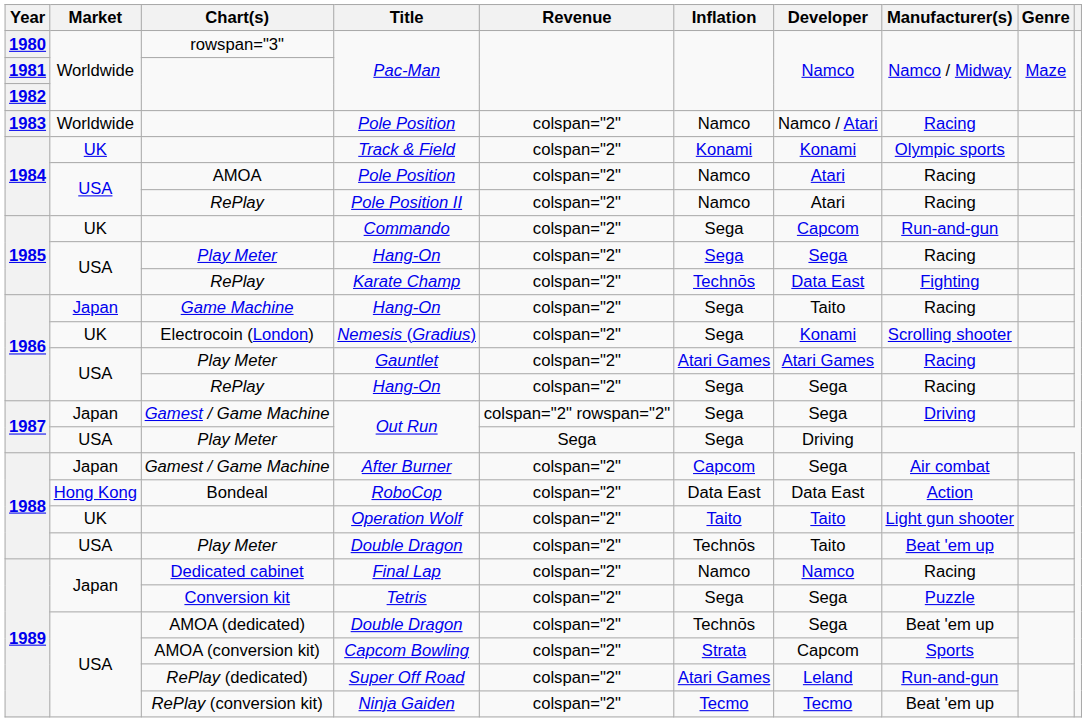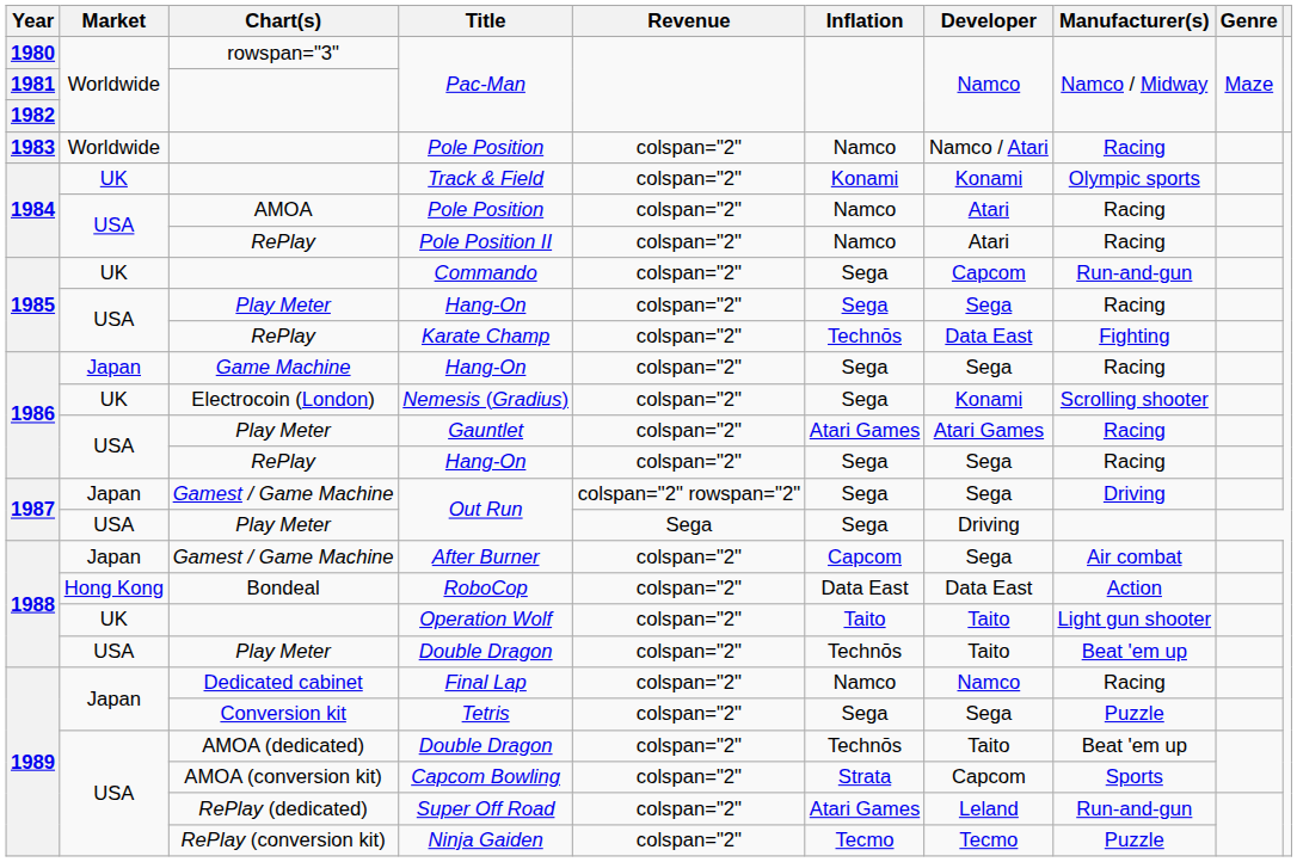 <table class="wikitable sortable" style="text-align:center; margin:auto; margin:auto">
 <tr>
 <th>Year</th>
 <th>Market</th>
 <th>Chart(s)</th>
 <th>Title</th>
 <th>Revenue</th>
 <th>Inflation</th>
 <th>Developer</th>
 <th>Manufacturer(s)</th>
 <th>Genre</th>
 <th class="unsortable"></th>
 </tr>
 <tr>
 <th><a href='#'>1980</a></th>
 <td rowspan="3">Worldwide</td>
 <td>rowspan="3" </td>
 <td rowspan="3"><em><a href='#'>Pac-Man</a></em></td>
 <td rowspan="3"></td>
 <td rowspan="3"></td>
 <td rowspan="3"><a href='#'>Namco</a></td>
 <td rowspan="3"><a href='#'>Namco</a> / <a href='#'>Midway</a></td>
 <td rowspan="3"><a href='#'>Maze</a></td>
 <td rowspan="3"></td>
 </tr>
 <tr>
 <th><a href='#'>1981</a></th>
 </tr>
 <tr>
 <th><a href='#'>1982</a></th>
 </tr>
 <tr>
 <th><a href='#'>1983</a></th>
 <td>Worldwide</td>
 <td></td>
 <td><em><a href='#'>Pole Position</a></em></td>
 <td>colspan="2" </td>
 <td>Namco</td>
 <td>Namco / <a href='#'>Atari</a></td>
 <td><a href='#'>Racing</a></td>
 <td></td>
 </tr>
 <tr>
 <th rowspan="3"><a href='#'>1984</a></th>
 <td><a href='#'>UK</a></td>
 <td></td>
 <td><em><a href='#'>Track & Field</a></em></td>
 <td>colspan="2" </td>
 <td><a href='#'>Konami</a></td>
 <td><a href='#'>Konami</a></td>
 <td><a href='#'>Olympic sports</a></td>
 <td></td>
 </tr>
 <tr>
 <td rowspan="2"><a href='#'>USA</a></td>
 <td>AMOA</td>
 <td><em><a href='#'>Pole Position</a></em></td>
 <td>colspan="2" </td>
 <td>Namco</td>
 <td><a href='#'>Atari</a></td>
 <td>Racing</td>
 <td></td>
 </tr>
 <tr>
 <td><em>RePlay</em></td>
 <td><em><a href='#'>Pole Position II</a></em></td>
 <td>colspan="2" </td>
 <td>Namco</td>
 <td>Atari</td>
 <td>Racing</td>
 <td></td>
 </tr>
 <tr>
 <th rowspan="3"><a href='#'>1985</a></th>
 <td>UK</td>
 <td></td>
 <td><em><a href='#'>Commando</a></em></td>
 <td>colspan="2" </td>
 <td>Sega</td>
 <td><a href='#'>Capcom</a></td>
 <td><a href='#'>Run-and-gun</a></td>
 <td></td>
 </tr>
 <tr>
 <td rowspan="2">USA</td>
 <td><em><a href='#'>Play Meter</a></em></td>
 <td><em><a href='#'>Hang-On</a></em></td>
 <td>colspan="2" </td>
 <td><a href='#'>Sega</a></td>
 <td><a href='#'>Sega</a></td>
 <td>Racing</td>
 <td></td>
 </tr>
 <tr>
 <td><em>RePlay</em></td>
 <td><em><a href='#'>Karate Champ</a></em></td>
 <td>colspan="2" </td>
 <td><a href='#'>Technōs</a></td>
 <td><a href='#'>Data East</a></td>
 <td><a href='#'>Fighting</a></td>
 <td></td>
 </tr>
 <tr>
 <th rowspan="4"><a href='#'>1986</a></th>
 <td><a href='#'>Japan</a></td>
 <td><em><a href='#'>Game Machine</a></em></td>
 <td><em><a href='#'>Hang-On</a></em></td>
 <td>colspan="2" </td>
 <td>Sega</td>
-<td>Taito</td>
+<td>Sega</td>
 <td>Racing</td>
 <td></td>
 </tr>
 <tr>
 <td>UK</td>
 <td>Electrocoin (<a href='#'>London</a>)</td>
 <td><a href='#'><em>Nemesis</em> (<em>Gradius</em>)</a></td>
 <td>colspan="2" </td>
 <td>Sega</td>
 <td><a href='#'>Konami</a></td>
 <td><a href='#'>Scrolling shooter</a></td>
 <td></td>
 </tr>
 <tr>
 <td rowspan="2">USA</td>
 <td><em>Play Meter</em></td>
 <td><em><a href='#'>Gauntlet</a></em></td>
 <td>colspan="2" </td>
 <td><a href='#'>Atari Games</a></td>
 <td><a href='#'>Atari Games</a></td>
 <td><a href='#'>Racing</a></td>
 <td></td>
 </tr>
 <tr>
 <td><em>RePlay</em></td>
 <td><em><a href='#'>Hang-On</a></em></td>
 <td>colspan="2" </td>
 <td>Sega</td>
 <td>Sega</td>
 <td>Racing</td>
 <td></td>
 </tr>
 <tr>
 <th rowspan="2"><a href='#'>1987</a></th>
 <td>Japan</td>
 <td><em><a href='#'>Gamest</a> / Game Machine</em></td>
 <td rowspan="2"><em><a href='#'>Out Run</a></em></td>
 <td>colspan="2" rowspan="2" </td>
 <td>Sega</td>
 <td>Sega</td>
 <td><a href='#'>Driving</a></td>
 <td></td>
 </tr>
 <tr>
 <td>USA</td>
 <td><em>Play Meter</em></td>
 <td>Sega</td>
 <td>Sega</td>
 <td>Driving</td>
 <td></td>
 </tr>
 <tr>
 <th rowspan="4"><a href='#'>1988</a></th>
 <td>Japan</td>
 <td><em>Gamest / Game Machine</em></td>
 <td><em><a href='#'>After Burner</a></em></td>
 <td>colspan="2" </td>
 <td><a href='#'>Capcom</a></td>
 <td>Sega</td>
 <td><a href='#'>Air combat</a></td>
 <td></td>
 </tr>
 <tr>
 <td><a href='#'>Hong Kong</a></td>
 <td>Bondeal</td>
 <td><em><a href='#'>RoboCop</a></em></td>
 <td>colspan="2" </td>
 <td>Data East</td>
 <td>Data East</td>
 <td><a href='#'>Action</a></td>
 <td></td>
 </tr>
 <tr>
 <td>UK</td>
 <td></td>
 <td><em><a href='#'>Operation Wolf</a></em></td>
 <td>colspan="2" </td>
 <td><a href='#'>Taito</a></td>
 <td><a href='#'>Taito</a></td>
 <td><a href='#'>Light gun shooter</a></td>
 <td></td>
 </tr>
 <tr>
 <td>USA</td>
 <td><em>Play Meter</em></td>
 <td><em><a href='#'>Double Dragon</a></em></td>
 <td>colspan="2" </td>
 <td>Technōs</td>
 <td>Taito</td>
 <td><a href='#'>Beat 'em up</a></td>
 <td></td>
 </tr>
 <tr>
 <th rowspan="6"><a href='#'>1989</a></th>
 <td rowspan="2">Japan</td>
 <td><a href='#'>Dedicated cabinet</a></td>
 <td><em><a href='#'>Final Lap</a></em></td>
 <td>colspan="2" </td>
 <td>Namco</td>
 <td><a href='#'>Namco</a></td>
 <td>Racing</td>
 <td></td>
 </tr>
 <tr>
 <td><a href='#'>Conversion kit</a></td>
 <td><em><a href='#'>Tetris</a></em></td>
 <td>colspan="2" </td>
 <td>Sega</td>
 <td>Sega</td>
 <td><a href='#'>Puzzle</a></td>
 <td></td>
 </tr>
 <tr>
 <td rowspan="4">USA</td>
 <td>AMOA (dedicated)</td>
 <td><em><a href='#'>Double Dragon</a></em></td>
 <td>colspan="2" </td>
 <td>Technōs</td>
-<td>Sega</td>
+<td>Taito</td>
 <td>Beat 'em up</td>
 <td rowspan="2"></td>
 </tr>
 <tr>
 <td>AMOA (conversion kit)</td>
 <td><em><a href='#'>Capcom Bowling</a></em></td>
 <td>colspan="2" </td>
 <td><a href='#'>Strata</a></td>
 <td>Capcom</td>
 <td><a href='#'>Sports</a></td>
 </tr>
 <tr>
 <td><em>RePlay</em> (dedicated)</td>
 <td><em><a href='#'>Super Off Road</a></em></td>
 <td>colspan="2" </td>
 <td><a href='#'>Atari Games</a></td>
 <td><a href='#'>Leland</a></td>
 <td><a href='#'>Run-and-gun</a></td>
 <td rowspan="2"></td>
 </tr>
 <tr>
 <td><em>RePlay</em> (conversion kit)</td>
 <td><em><a href='#'>Ninja Gaiden</a></em></td>
 <td>colspan="2" </td>
 <td><a href='#'>Tecmo</a></td>
 <td><a href='#'>Tecmo</a></td>
-<td>Beat 'em up</td>
+<td><a href='#'>Puzzle</a></td>
 </tr>
 </table>
